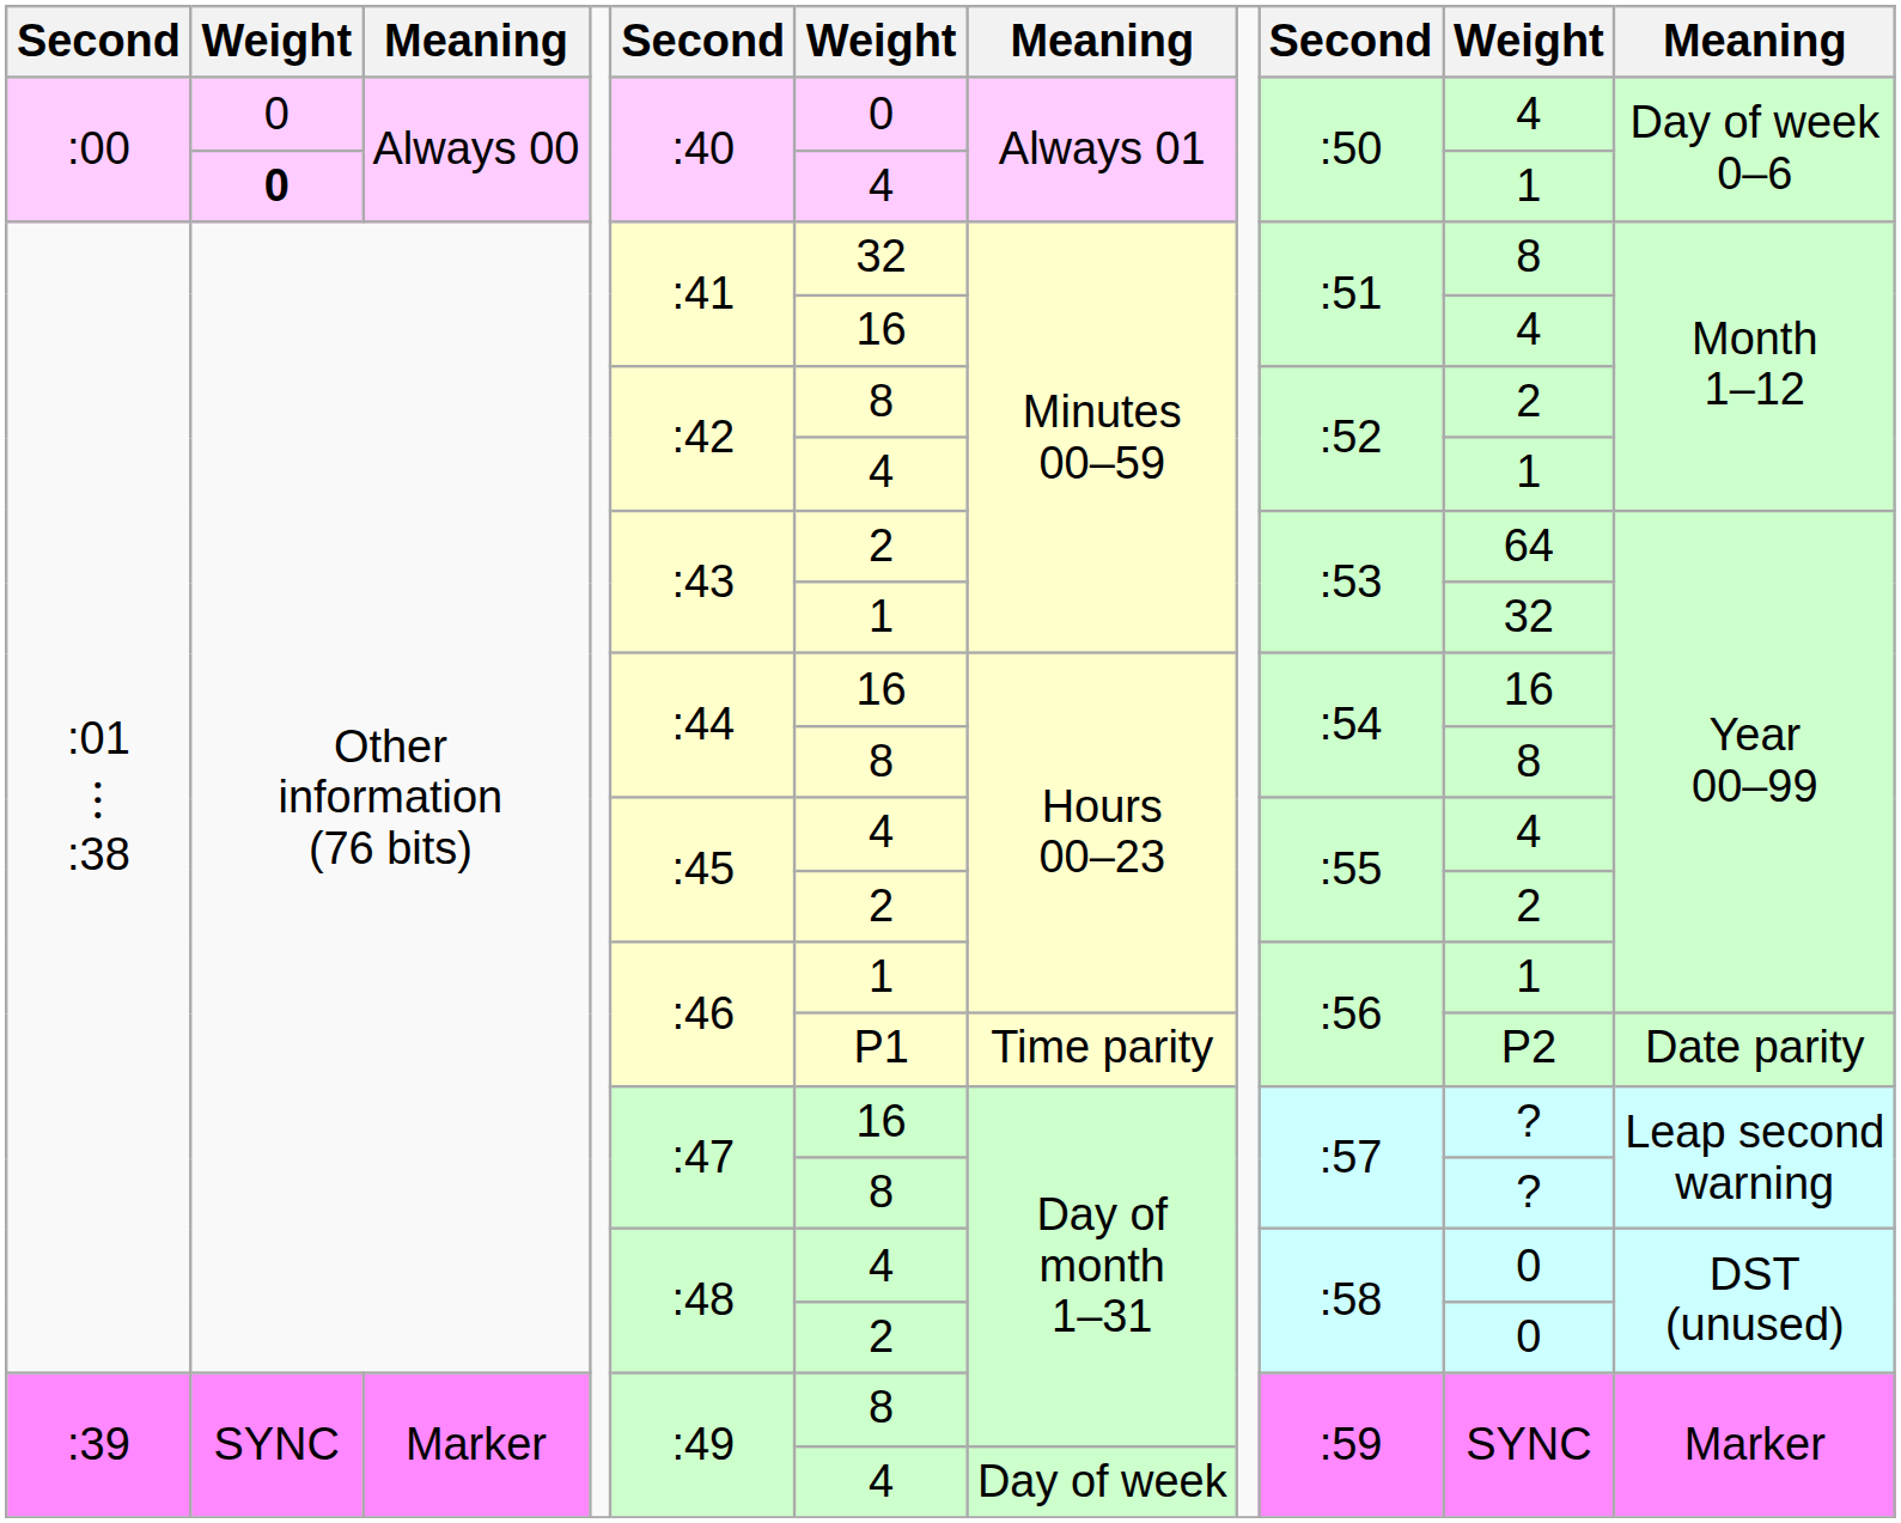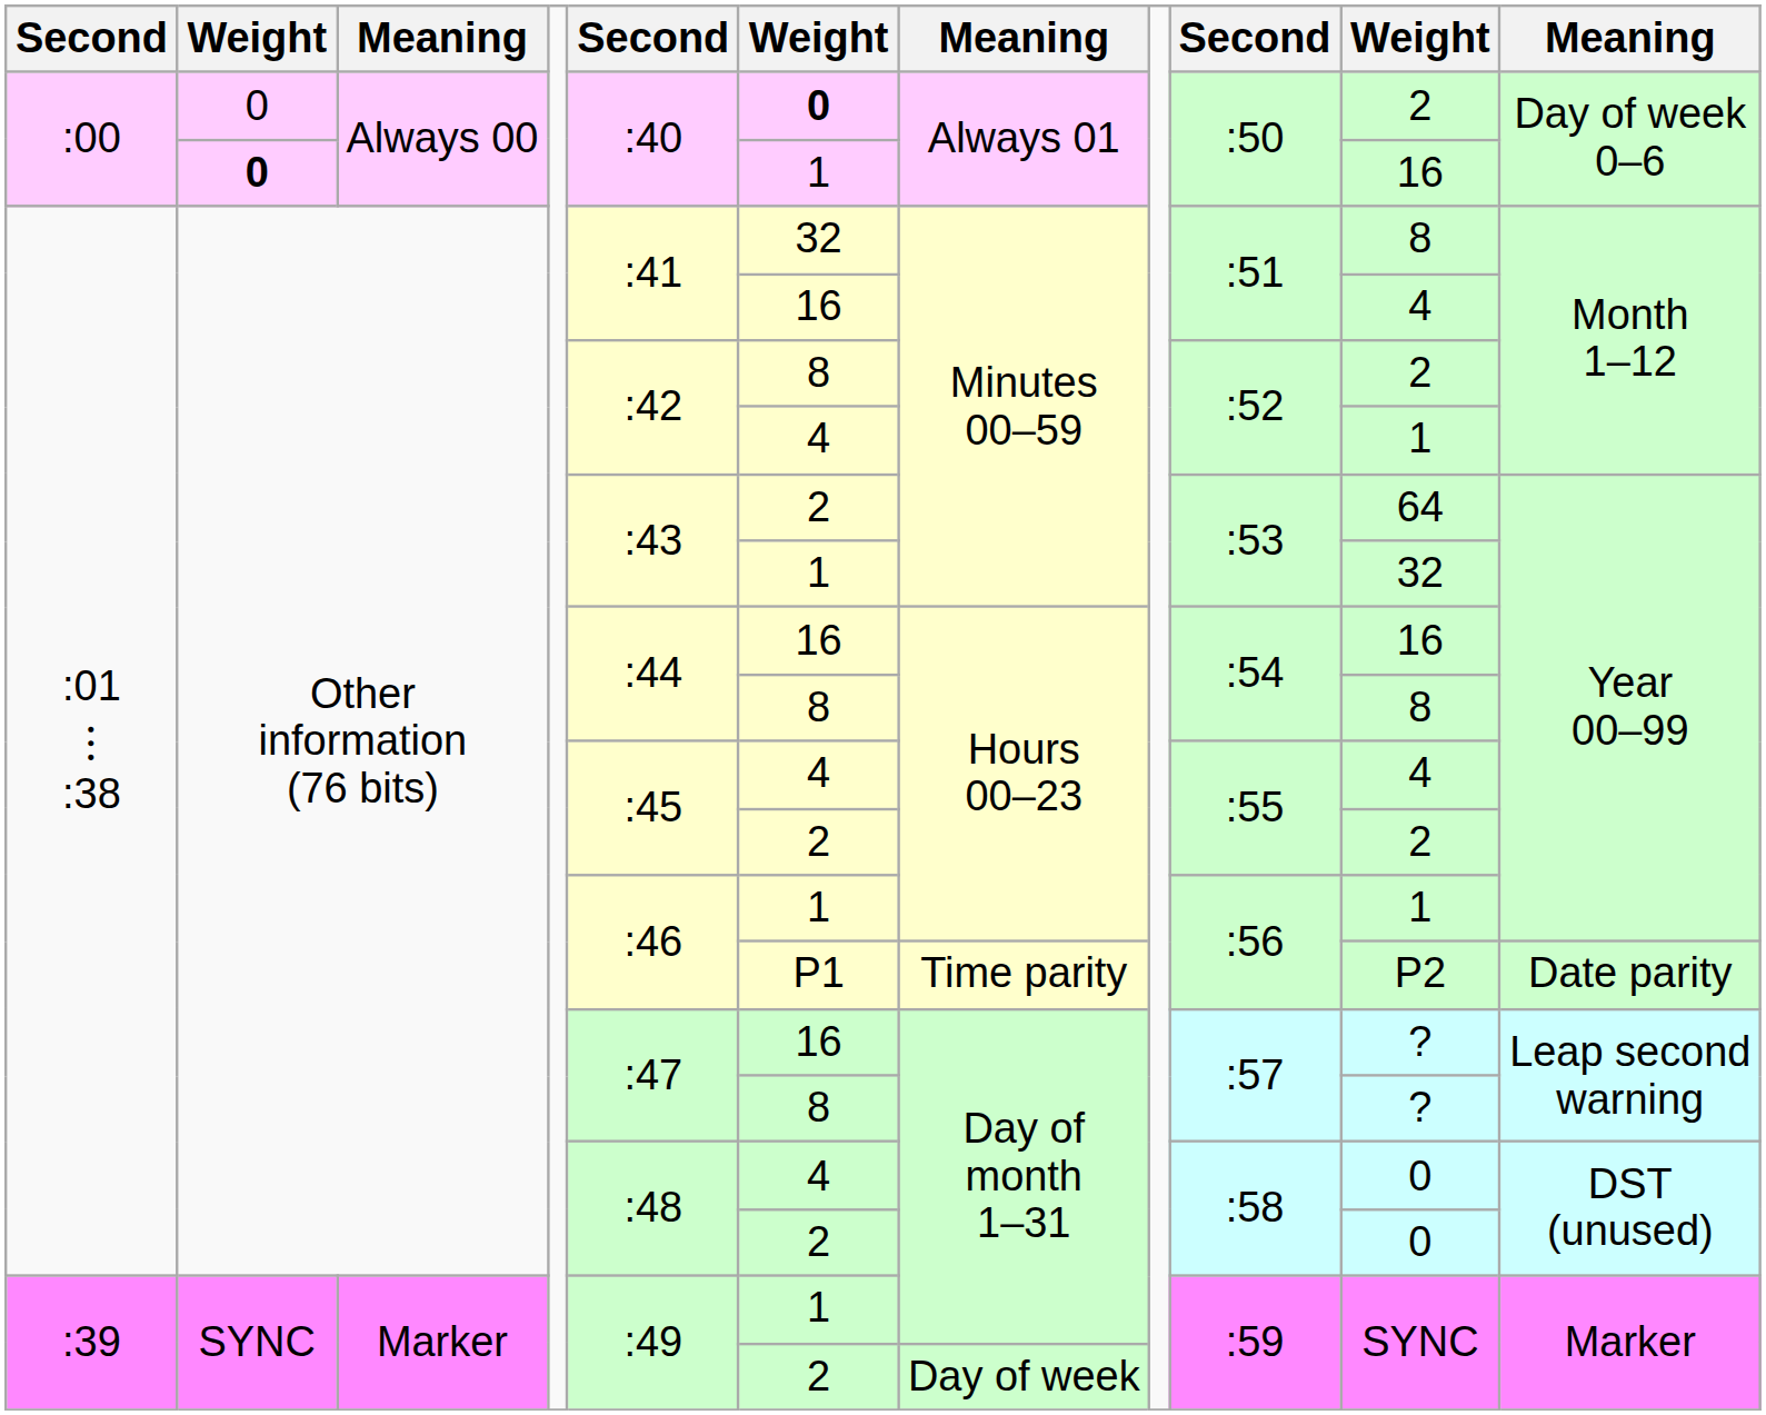 <table class=wikitable style="text-align:center">
 <tr>
 <th>Second</th>
 <th>Weight</th>
 <th>Meaning</th>
 <td rowspan=21></td>
 <th>Second</th>
 <th>Weight</th>
 <th>Meaning</th>
 <td rowspan=21></td>
 <th>Second</th>
 <th>Weight</th>
 <th>Meaning</th>
 </tr>
 <tr>
 <td bgcolor=#ffccff rowspan=2>:00</td>
 <td bgcolor=#ffccff>0</td>
 <td bgcolor=#ffccff rowspan=2>Always 00</td>
 <td bgcolor=#ffccff rowspan=2>:40</td>
-<td bgcolor=#ffccff>0</td>
+<td bgcolor=#ffccff><strong>0</strong></td>
 <td bgcolor=#ffccff rowspan=2>Always 01</td>
 <td bgcolor=#ccffcc rowspan=2>:50</td>
-<td bgcolor=#ccffcc>4</td>
+<td bgcolor=#ccffcc>2</td>
 <td rowspan=2 bgcolor=#ccffcc>Day of week<br>0–6</td>
 </tr>
 <tr>
 <td bgcolor=#ffccff><strong>0</strong></td>
-<td bgcolor=#ffccff>4</td>
-<td bgcolor=#ccffcc>1</td>
+<td bgcolor=#ffccff>1</td>
+<td bgcolor=#ccffcc>16</td>
 </tr>
 <tr>
 <td rowspan=16>:01<br>︙<br>:38</td>
 <td rowspan=16 colspan=2>Other<br>information<br>(76 bits)</td>
 <td bgcolor=#ffffcc rowspan=2>:41</td>
 <td bgcolor=#ffffcc>32</td>
 <td rowspan=6 bgcolor=#ffffcc>Minutes<br>00–59</td>
 <td bgcolor=#ccffcc rowspan=2>:51</td>
 <td bgcolor=#ccffcc>8</td>
 <td rowspan=4 bgcolor=#ccffcc>Month<br>1–12</td>
 </tr>
 <tr>
 <td bgcolor=#ffffcc>16</td>
 <td bgcolor=#ccffcc>4</td>
 </tr>
 <tr>
 <td bgcolor=#ffffcc rowspan=2>:42</td>
 <td bgcolor=#ffffcc>8</td>
 <td bgcolor=#ccffcc rowspan=2>:52</td>
 <td bgcolor=#ccffcc>2</td>
 </tr>
 <tr>
 <td bgcolor=#ffffcc>4</td>
 <td bgcolor=#ccffcc>1</td>
 </tr>
 <tr>
 <td bgcolor=#ffffcc rowspan=2>:43</td>
 <td bgcolor=#ffffcc>2</td>
 <td bgcolor=#ccffcc rowspan=2>:53</td>
 <td bgcolor=#ccffcc>64</td>
 <td rowspan=7 bgcolor=#ccffcc>Year<br>00–99</td>
 </tr>
 <tr>
 <td bgcolor=#ffffcc>1</td>
 <td bgcolor=#ccffcc>32</td>
 </tr>
 <tr>
 <td bgcolor=#ffffcc rowspan=2>:44</td>
 <td bgcolor=#ffffcc>16</td>
 <td rowspan=5 bgcolor=#ffffcc>Hours<br>00–23</td>
 <td bgcolor=#ccffcc rowspan=2>:54</td>
 <td bgcolor=#ccffcc>16</td>
 </tr>
 <tr>
 <td bgcolor=#ffffcc>8</td>
 <td bgcolor=#ccffcc>8</td>
 </tr>
 <tr>
 <td bgcolor=#ffffcc rowspan=2>:45</td>
 <td bgcolor=#ffffcc>4</td>
 <td bgcolor=#ccffcc rowspan=2>:55</td>
 <td bgcolor=#ccffcc>4</td>
 </tr>
 <tr>
 <td bgcolor=#ffffcc>2</td>
 <td bgcolor=#ccffcc>2</td>
 </tr>
 <tr>
 <td bgcolor=#ffffcc rowspan=2>:46</td>
 <td bgcolor=#ffffcc>1</td>
 <td bgcolor=#ccffcc rowspan=2>:56</td>
 <td bgcolor=#ccffcc>1</td>
 </tr>
 <tr>
 <td bgcolor=#ffffcc>P1</td>
 <td bgcolor=#ffffcc>Time parity</td>
 <td bgcolor=#ccffcc>P2</td>
 <td bgcolor=#ccffcc>Date parity</td>
 </tr>
 <tr>
 <td bgcolor=#ccffcc rowspan=2>:47</td>
 <td bgcolor=#ccffcc>16</td>
 <td rowspan=5 bgcolor=#ccffcc>Day of<br>month<br>1–31</td>
 <td bgcolor=#ccffff rowspan=2>:57</td>
 <td bgcolor=#ccffff>?</td>
 <td rowspan=2 bgcolor=#ccffff>Leap second<br>warning</td>
 </tr>
 <tr>
 <td bgcolor=#ccffcc>8</td>
 <td bgcolor=#ccffff>?</td>
 </tr>
 <tr>
 <td bgcolor=#ccffcc rowspan=2>:48</td>
 <td bgcolor=#ccffcc>4</td>
 <td bgcolor=#ccffff rowspan=2>:58</td>
 <td bgcolor=#ccffff>0</td>
 <td rowspan=2 bgcolor=#ccffff>DST<br>(unused)</td>
 </tr>
 <tr>
 <td bgcolor=#ccffcc>2</td>
 <td bgcolor=#ccffff>0</td>
 </tr>
 <tr>
 <td bgcolor=#ff88ff rowspan=2>:39</td>
 <td bgcolor=#ff88ff rowspan=2>SYNC</td>
 <td bgcolor=#ff88ff rowspan=2>Marker</td>
 <td bgcolor=#ccffcc rowspan=2>:49</td>
-<td bgcolor=#ccffcc>8</td>
+<td bgcolor=#ccffcc>1</td>
 <td bgcolor=#ff88ff rowspan=2>:59</td>
 <td bgcolor=#ff88ff rowspan=2>SYNC</td>
 <td bgcolor=#ff88ff rowspan=2>Marker</td>
 </tr>
 <tr>
-<td bgcolor=#ccffcc>4</td>
+<td bgcolor=#ccffcc>2</td>
 <td bgcolor=#ccffcc>Day of week</td>
 </tr>
 </table>
